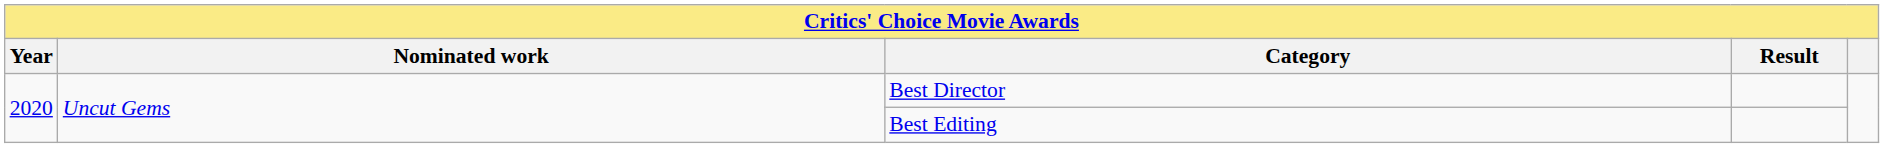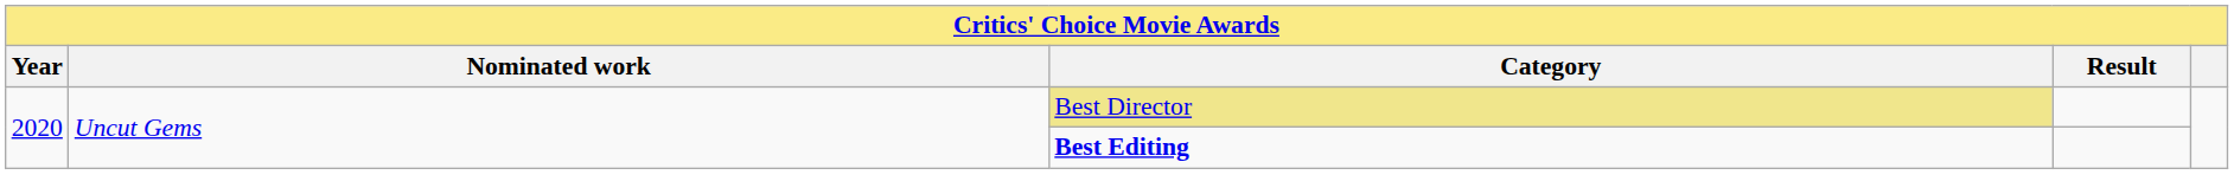 <table width="70%" class="wikitable sortable">
 <tr>
 <th colspan="5" style="background:#FAEB86;" align="center"><a href='#'>Critics' Choice Movie Awards</a></th>
 </tr>
 <tr>
 <th scope="col" style="width:1em;">Year</th>
 <th scope="col" style="width:39em;">Nominated work</th>
 <th scope="col" style="width:40em;">Category</th>
 <th scope="col" style="width:5em;">Result</th>
 <th scope="col" style="width:1em;" class="unsortable"></th>
 </tr>
 <tr>
 <td rowspan="2"><a href='#'>2020</a></td>
 <td rowspan="2"><em><a href='#'>Uncut Gems</a></em></td>
-<td><a href='#'>Best Director</a></td>
+<td style="background: khaki;"><a href='#'>Best Director</a></td>
 <td></td>
 <td rowspan="2"></td>
 </tr>
 <tr>
-<td><a href='#'>Best Editing</a></td>
+<td><strong><a href='#'>Best Editing</a></strong></td>
 <td></td>
 </tr>
 </table>
